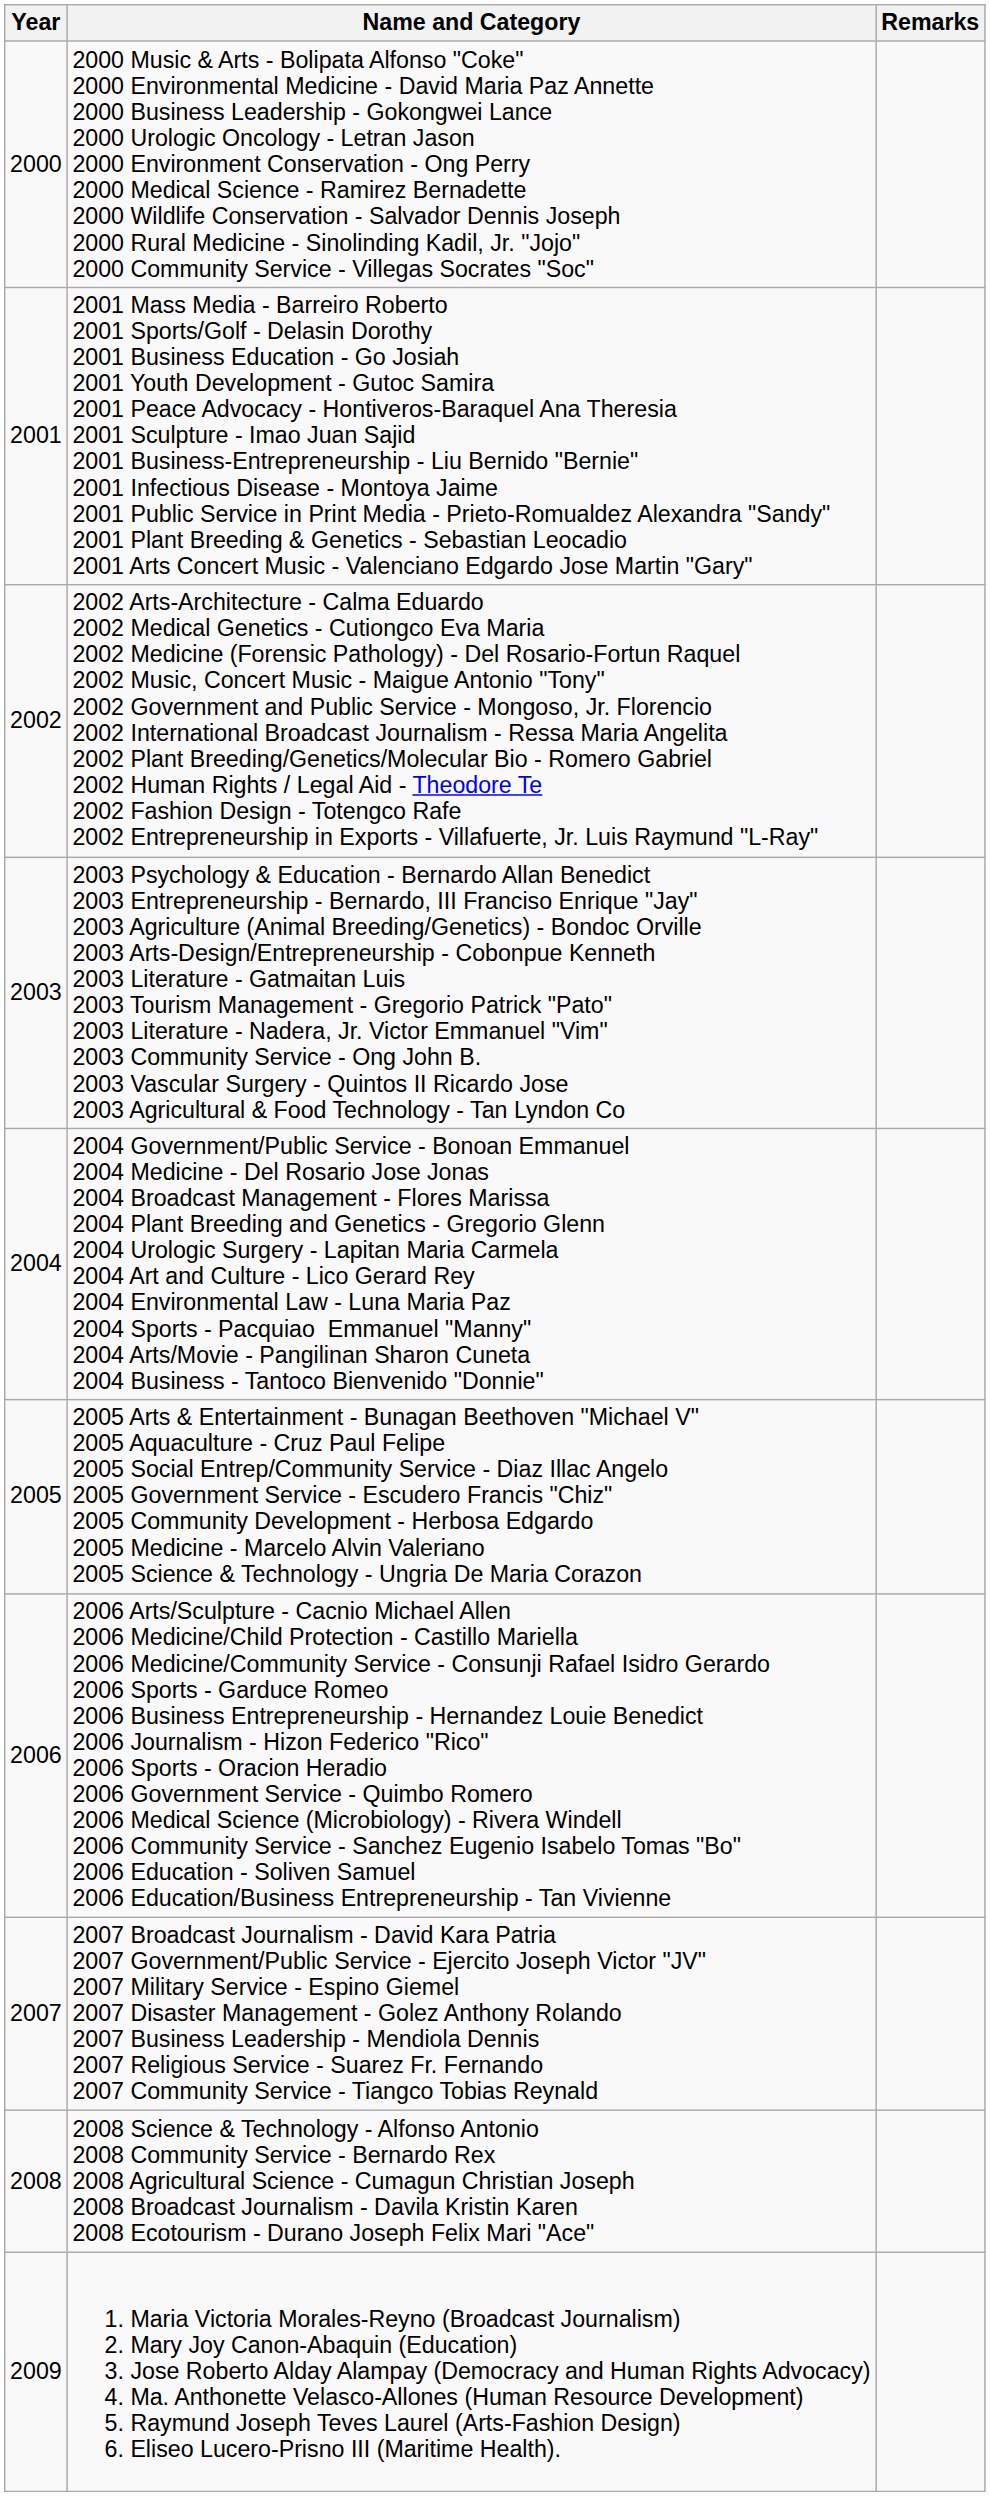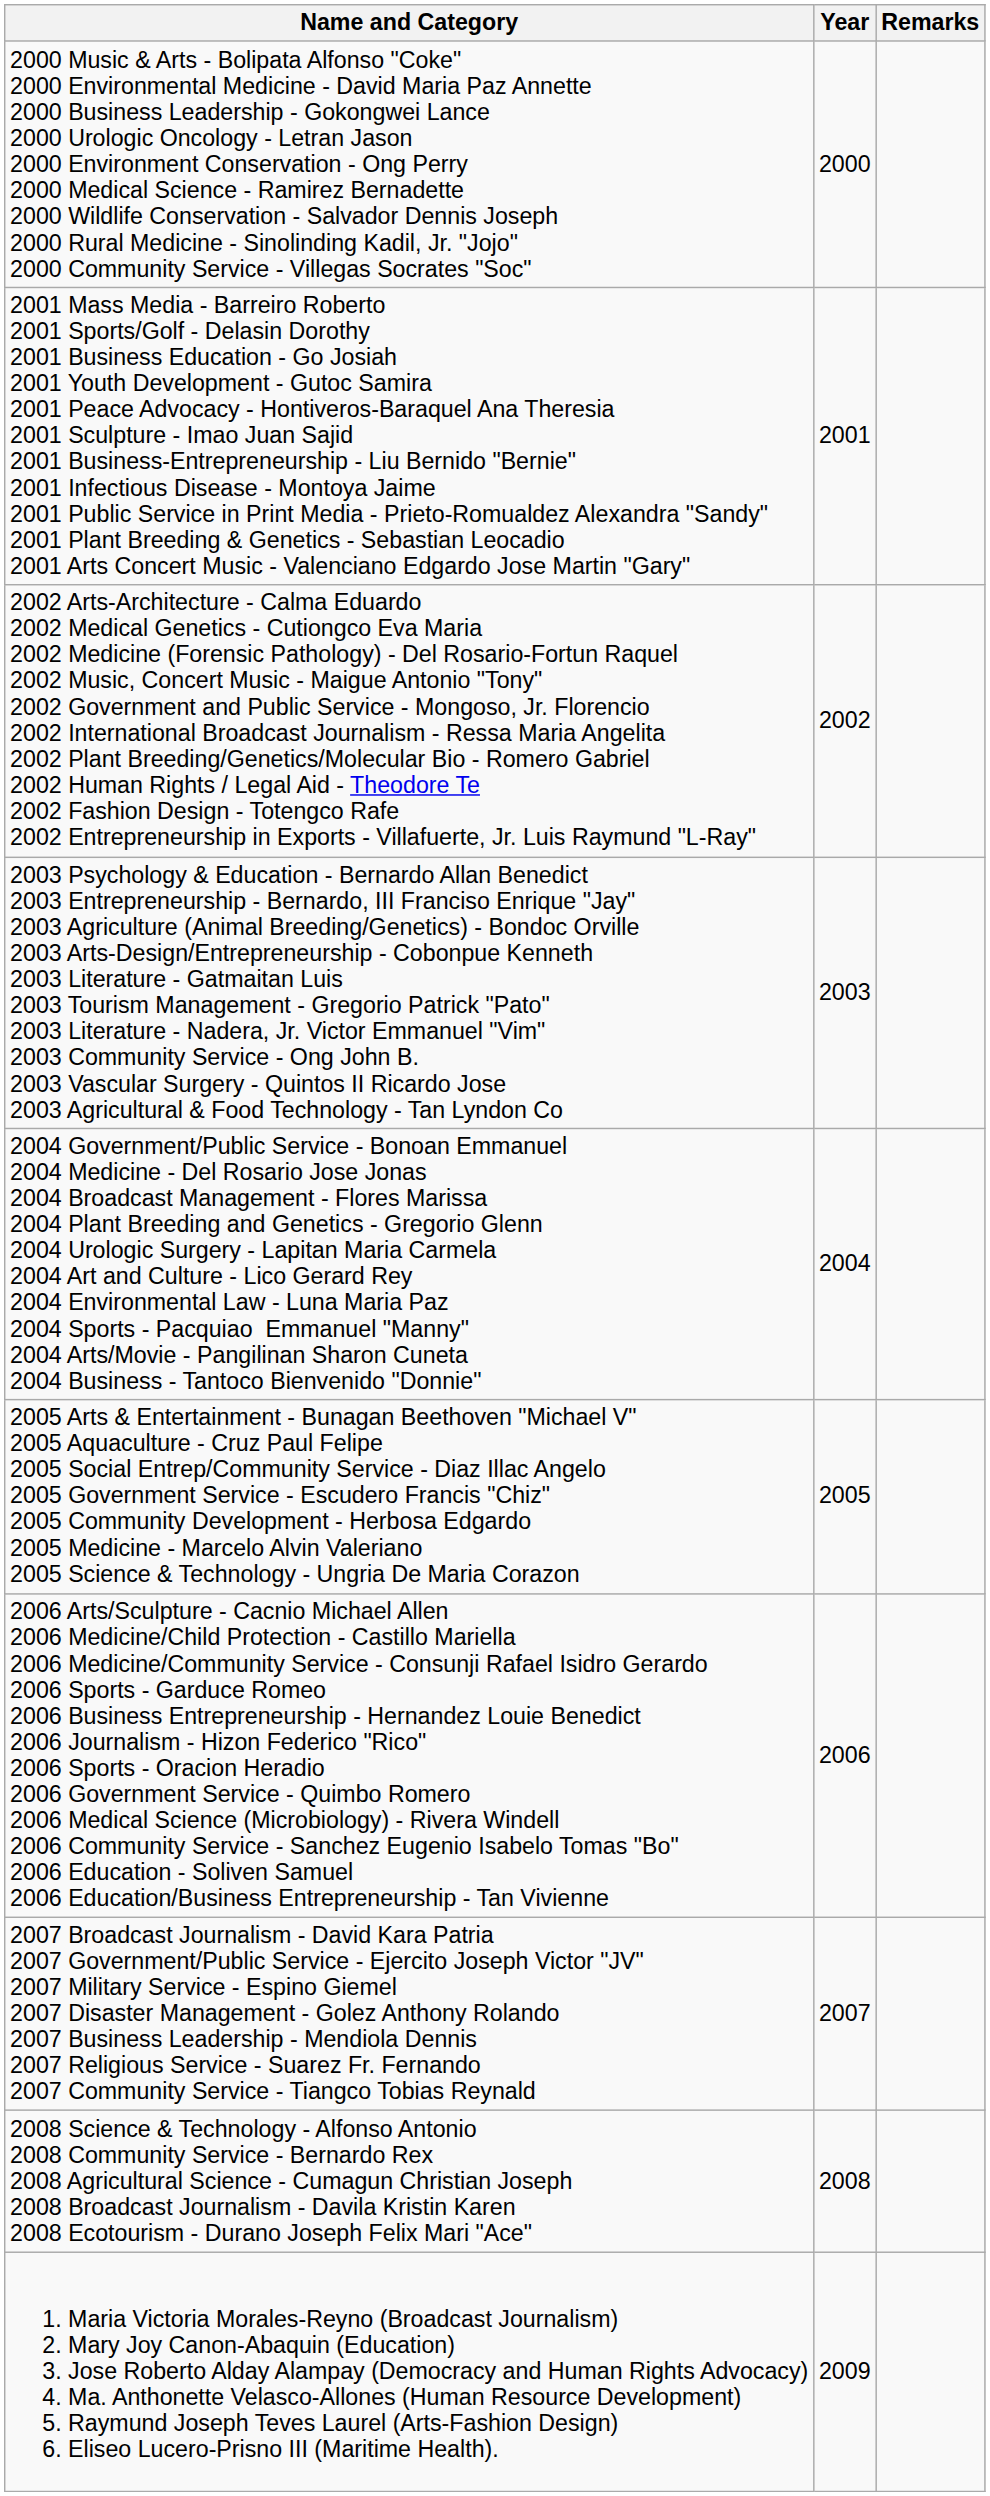 <table class="wikitable">
 <tr>
+<th>Name and Category</th>
 <th>Year</th>
-<th>Name and Category</th>
 <th>Remarks</th>
 </tr>
 <tr>
+<td>2000 Music & Arts - Bolipata Alfonso "Coke"<br>2000 Environmental Medicine - David Maria Paz Annette<br>2000 Business Leadership - Gokongwei Lance<br>2000 Urologic Oncology - Letran Jason<br>2000 Environment Conservation - Ong Perry<br>2000 Medical Science - Ramirez Bernadette<br>2000 Wildlife Conservation - Salvador Dennis Joseph<br>2000 Rural Medicine - Sinolinding Kadil, Jr. "Jojo"<br>2000 Community Service - Villegas Socrates "Soc"</td>
 <td>2000</td>
-<td>2000 Music & Arts - Bolipata Alfonso "Coke"<br>2000 Environmental Medicine - David Maria Paz Annette<br>2000 Business Leadership - Gokongwei Lance<br>2000 Urologic Oncology - Letran Jason<br>2000 Environment Conservation - Ong Perry<br>2000 Medical Science - Ramirez Bernadette<br>2000 Wildlife Conservation - Salvador Dennis Joseph<br>2000 Rural Medicine - Sinolinding Kadil, Jr. "Jojo"<br>2000 Community Service - Villegas Socrates "Soc"</td>
 <td></td>
 </tr>
 <tr>
+<td>2001 Mass Media - Barreiro Roberto<br>2001 Sports/Golf - Delasin Dorothy<br>2001 Business Education - Go Josiah<br>2001 Youth Development - Gutoc Samira<br>2001 Peace Advocacy - Hontiveros-Baraquel Ana Theresia<br>2001 Sculpture - Imao Juan Sajid<br>2001 Business-Entrepreneurship - Liu Bernido "Bernie"<br>2001 Infectious Disease - Montoya Jaime<br>2001 Public Service in Print Media - Prieto-Romualdez Alexandra "Sandy"<br>2001 Plant Breeding & Genetics - Sebastian Leocadio<br>2001 Arts Concert Music - Valenciano Edgardo Jose Martin "Gary"</td>
 <td>2001</td>
-<td>2001 Mass Media - Barreiro Roberto<br>2001 Sports/Golf - Delasin Dorothy<br>2001 Business Education - Go Josiah<br>2001 Youth Development - Gutoc Samira<br>2001 Peace Advocacy - Hontiveros-Baraquel Ana Theresia<br>2001 Sculpture - Imao Juan Sajid<br>2001 Business-Entrepreneurship - Liu Bernido "Bernie"<br>2001 Infectious Disease - Montoya Jaime<br>2001 Public Service in Print Media - Prieto-Romualdez Alexandra "Sandy"<br>2001 Plant Breeding & Genetics - Sebastian Leocadio<br>2001 Arts Concert Music - Valenciano Edgardo Jose Martin "Gary"</td>
 <td></td>
 </tr>
 <tr>
+<td>2002 Arts-Architecture - Calma Eduardo<br>2002 Medical Genetics - Cutiongco Eva Maria<br>2002 Medicine (Forensic Pathology) - Del Rosario-Fortun Raquel<br>2002 Music, Concert Music - Maigue Antonio "Tony"<br>2002 Government and Public Service - Mongoso, Jr. Florencio<br>2002 International Broadcast Journalism - Ressa Maria Angelita<br>2002 Plant Breeding/Genetics/Molecular Bio - Romero Gabriel<br>2002 Human Rights / Legal Aid - <a href='#'>Theodore Te</a><br>2002 Fashion Design - Totengco Rafe<br>2002 Entrepreneurship in Exports - Villafuerte, Jr. Luis Raymund "L-Ray"</td>
 <td>2002</td>
-<td>2002 Arts-Architecture - Calma Eduardo<br>2002 Medical Genetics - Cutiongco Eva Maria<br>2002 Medicine (Forensic Pathology) - Del Rosario-Fortun Raquel<br>2002 Music, Concert Music - Maigue Antonio "Tony"<br>2002 Government and Public Service - Mongoso, Jr. Florencio<br>2002 International Broadcast Journalism - Ressa Maria Angelita<br>2002 Plant Breeding/Genetics/Molecular Bio - Romero Gabriel<br>2002 Human Rights / Legal Aid - <a href='#'>Theodore Te</a><br>2002 Fashion Design - Totengco Rafe<br>2002 Entrepreneurship in Exports - Villafuerte, Jr. Luis Raymund "L-Ray"</td>
 <td></td>
 </tr>
 <tr>
+<td>2003 Psychology & Education - Bernardo Allan Benedict<br>2003 Entrepreneurship - Bernardo, III Franciso Enrique "Jay"<br>2003 Agriculture (Animal Breeding/Genetics) - Bondoc Orville<br>2003 Arts-Design/Entrepreneurship - Cobonpue Kenneth<br>2003 Literature - Gatmaitan Luis<br>2003 Tourism Management - Gregorio Patrick "Pato"<br>2003 Literature - Nadera, Jr. Victor Emmanuel "Vim"<br>2003 Community Service - Ong John B.<br>2003 Vascular Surgery - Quintos II Ricardo Jose<br>2003 Agricultural & Food Technology - Tan Lyndon Co</td>
 <td>2003</td>
-<td>2003 Psychology & Education - Bernardo Allan Benedict<br>2003 Entrepreneurship - Bernardo, III Franciso Enrique "Jay"<br>2003 Agriculture (Animal Breeding/Genetics) - Bondoc Orville<br>2003 Arts-Design/Entrepreneurship - Cobonpue Kenneth<br>2003 Literature - Gatmaitan Luis<br>2003 Tourism Management - Gregorio Patrick "Pato"<br>2003 Literature - Nadera, Jr. Victor Emmanuel "Vim"<br>2003 Community Service - Ong John B.<br>2003 Vascular Surgery - Quintos II Ricardo Jose<br>2003 Agricultural & Food Technology - Tan Lyndon Co</td>
 <td></td>
 </tr>
 <tr>
+<td>2004 Government/Public Service - Bonoan Emmanuel<br>2004 Medicine - Del Rosario Jose Jonas <br>2004 Broadcast Management - Flores Marissa<br>2004 Plant Breeding and Genetics - Gregorio Glenn<br>2004 Urologic Surgery - Lapitan Maria Carmela<br>2004 Art and Culture - Lico Gerard Rey <br>2004 Environmental Law - Luna Maria Paz<br>2004 Sports - Pacquiao  Emmanuel "Manny"<br>2004 Arts/Movie - Pangilinan Sharon Cuneta<br>2004 Business - Tantoco Bienvenido "Donnie"</td>
 <td>2004</td>
-<td>2004 Government/Public Service - Bonoan Emmanuel<br>2004 Medicine - Del Rosario Jose Jonas <br>2004 Broadcast Management - Flores Marissa<br>2004 Plant Breeding and Genetics - Gregorio Glenn<br>2004 Urologic Surgery - Lapitan Maria Carmela<br>2004 Art and Culture - Lico Gerard Rey <br>2004 Environmental Law - Luna Maria Paz<br>2004 Sports - Pacquiao  Emmanuel "Manny"<br>2004 Arts/Movie - Pangilinan Sharon Cuneta<br>2004 Business - Tantoco Bienvenido "Donnie"</td>
 <td></td>
 </tr>
 <tr>
+<td>2005 Arts & Entertainment - Bunagan Beethoven "Michael V"<br>2005 Aquaculture - Cruz Paul Felipe<br>2005 Social Entrep/Community Service - Diaz Illac Angelo<br>2005 Government Service - Escudero Francis "Chiz"<br>2005 Community Development - Herbosa Edgardo<br>2005 Medicine - Marcelo Alvin Valeriano<br>2005 Science & Technology - Ungria De Maria Corazon</td>
 <td>2005</td>
-<td>2005 Arts & Entertainment - Bunagan Beethoven "Michael V"<br>2005 Aquaculture - Cruz Paul Felipe<br>2005 Social Entrep/Community Service - Diaz Illac Angelo<br>2005 Government Service - Escudero Francis "Chiz"<br>2005 Community Development - Herbosa Edgardo<br>2005 Medicine - Marcelo Alvin Valeriano<br>2005 Science & Technology - Ungria De Maria Corazon</td>
 <td></td>
 </tr>
 <tr>
+<td>2006 Arts/Sculpture - Cacnio Michael Allen <br>2006 Medicine/Child Protection - Castillo Mariella<br>2006 Medicine/Community Service - Consunji Rafael Isidro Gerardo<br>2006 Sports - Garduce Romeo<br>2006 Business Entrepreneurship - Hernandez Louie Benedict<br>2006 Journalism - Hizon Federico "Rico"<br>2006 Sports - Oracion Heradio<br>2006 Government Service - Quimbo Romero<br>2006 Medical Science (Microbiology) - Rivera Windell<br>2006 Community Service - Sanchez Eugenio Isabelo Tomas "Bo"<br>2006 Education - Soliven Samuel<br>2006 Education/Business Entrepreneurship - Tan Vivienne</td>
 <td>2006</td>
-<td>2006 Arts/Sculpture - Cacnio Michael Allen <br>2006 Medicine/Child Protection - Castillo Mariella<br>2006 Medicine/Community Service - Consunji Rafael Isidro Gerardo<br>2006 Sports - Garduce Romeo<br>2006 Business Entrepreneurship - Hernandez Louie Benedict<br>2006 Journalism - Hizon Federico "Rico"<br>2006 Sports - Oracion Heradio<br>2006 Government Service - Quimbo Romero<br>2006 Medical Science (Microbiology) - Rivera Windell<br>2006 Community Service - Sanchez Eugenio Isabelo Tomas "Bo"<br>2006 Education - Soliven Samuel<br>2006 Education/Business Entrepreneurship - Tan Vivienne</td>
 <td></td>
 </tr>
 <tr>
+<td>2007 Broadcast Journalism - David Kara Patria<br>2007 Government/Public Service - Ejercito Joseph Victor "JV"<br>2007 Military Service - Espino Giemel<br>2007 Disaster Management - Golez Anthony Rolando<br>2007 Business Leadership - Mendiola Dennis<br>2007 Religious Service - Suarez Fr. Fernando<br>2007 Community Service - Tiangco Tobias Reynald</td>
 <td>2007</td>
-<td>2007 Broadcast Journalism - David Kara Patria<br>2007 Government/Public Service - Ejercito Joseph Victor "JV"<br>2007 Military Service - Espino Giemel<br>2007 Disaster Management - Golez Anthony Rolando<br>2007 Business Leadership - Mendiola Dennis<br>2007 Religious Service - Suarez Fr. Fernando<br>2007 Community Service - Tiangco Tobias Reynald</td>
 <td></td>
 </tr>
 <tr>
+<td>2008 Science & Technology - Alfonso Antonio<br>2008 Community Service - Bernardo Rex<br>2008 Agricultural Science - Cumagun Christian Joseph<br>2008 Broadcast Journalism - Davila Kristin Karen<br>2008 Ecotourism - Durano Joseph Felix Mari "Ace"</td>
 <td>2008</td>
-<td>2008 Science & Technology - Alfonso Antonio<br>2008 Community Service - Bernardo Rex<br>2008 Agricultural Science - Cumagun Christian Joseph<br>2008 Broadcast Journalism - Davila Kristin Karen<br>2008 Ecotourism - Durano Joseph Felix Mari "Ace"</td>
 <td></td>
 </tr>
 <tr>
+<td><br><ol><li>Maria Victoria Morales-Reyno (Broadcast Journalism)</li><li>Mary Joy Canon-Abaquin (Education)</li><li>Jose Roberto Alday Alampay (Democracy and Human Rights Advocacy)</li><li>Ma. Anthonette Velasco-Allones (Human Resource Development)</li><li>Raymund Joseph Teves Laurel (Arts-Fashion Design)</li><li>Eliseo Lucero-Prisno III (Maritime Health).</li></ol></td>
 <td>2009</td>
-<td><br><ol><li>Maria Victoria Morales-Reyno (Broadcast Journalism)</li><li>Mary Joy Canon-Abaquin (Education)</li><li>Jose Roberto Alday Alampay (Democracy and Human Rights Advocacy)</li><li>Ma. Anthonette Velasco-Allones (Human Resource Development)</li><li>Raymund Joseph Teves Laurel (Arts-Fashion Design)</li><li>Eliseo Lucero-Prisno III (Maritime Health).</li></ol></td>
 <td></td>
 </tr>
 </table>
